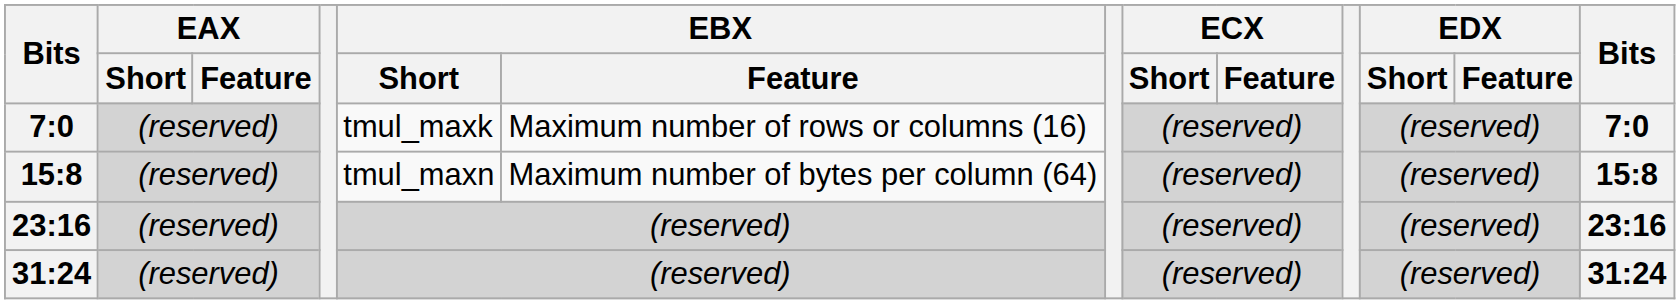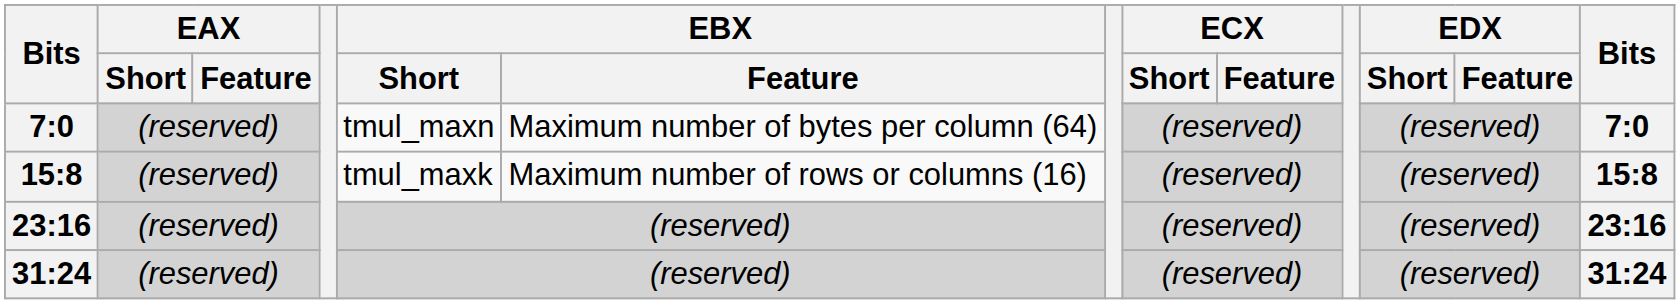 <table class="wikitable">
 <tr>
 <th rowspan="2">Bits</th>
 <th colspan="2">EAX</th>
 <th scope="col" style="width: 0.5em; border-spacing:0; padding:0px" rowspan="6"></th>
 <th colspan="2">EBX</th>
 <th scope="col" style="width: 0.5em; border-spacing:0; padding:0px" rowspan="6"></th>
 <th colspan="2">ECX</th>
 <th scope="col" style="width: 0.5em; border-spacing:0; padding:0px" rowspan="6"></th>
 <th colspan="2">EDX</th>
 <th rowspan="2">Bits</th>
 </tr>
 <tr>
 <th>Short</th>
 <th>Feature</th>
 <th>Short</th>
 <th>Feature</th>
 <th>Short</th>
 <th>Feature</th>
 <th>Short</th>
 <th>Feature</th>
 </tr>
 <tr>
 <th>7:0</th>
 <td colspan="2" style="text-align:center; background:lightgrey;"><em>(reserved)</em></td>
-<td>tmul_maxk</td>
-<td>Maximum number of rows or columns (16)</td>
+<td>tmul_maxn</td>
+<td>Maximum number of bytes per column (64)</td>
 <td colspan="2" style="text-align:center; background:lightgrey;"><em>(reserved)</em></td>
 <td colspan="2" style="text-align:center; background:lightgrey;"><em>(reserved)</em></td>
 <th>7:0</th>
 </tr>
 <tr>
 <th>15:8</th>
 <td colspan="2" style="text-align:center; background:lightgrey;"><em>(reserved)</em></td>
-<td>tmul_maxn</td>
-<td>Maximum number of bytes per column (64)</td>
+<td>tmul_maxk</td>
+<td>Maximum number of rows or columns (16)</td>
 <td colspan="2" style="text-align:center; background:lightgrey;"><em>(reserved)</em></td>
 <td colspan="2" style="text-align:center; background:lightgrey;"><em>(reserved)</em></td>
 <th>15:8</th>
 </tr>
 <tr>
 <th>23:16</th>
 <td colspan="2" style="text-align:center; background:lightgrey;"><em>(reserved)</em></td>
 <td colspan="2" style="text-align:center; background:lightgrey;"><em>(reserved)</em></td>
 <td colspan="2" style="text-align:center; background:lightgrey;"><em>(reserved)</em></td>
 <td colspan="2" style="text-align:center; background:lightgrey;"><em>(reserved)</em></td>
 <th>23:16</th>
 </tr>
 <tr>
 <th>31:24</th>
 <td colspan="2" style="text-align:center; background:lightgrey;"><em>(reserved)</em></td>
 <td colspan="2" style="text-align:center; background:lightgrey;"><em>(reserved)</em></td>
 <td colspan="2" style="text-align:center; background:lightgrey;"><em>(reserved)</em></td>
 <td colspan="2" style="text-align:center; background:lightgrey;"><em>(reserved)</em></td>
 <th>31:24</th>
 </tr>
 </table>
